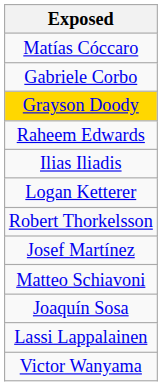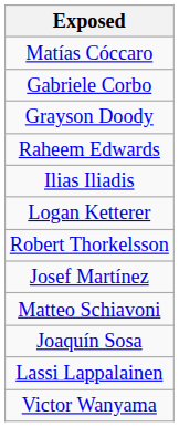 <table class="wikitable" style="text-align:center">
 <tr>
 <th>Exposed</th>
 </tr>
 <tr>
 <td><a href='#'>Matías Cóccaro</a></td>
 </tr>
 <tr>
 <td><a href='#'>Gabriele Corbo</a></td>
 </tr>
 <tr>
-<td style="background: gold;"><a href='#'>Grayson Doody</a></td>
+<td><a href='#'>Grayson Doody</a></td>
 </tr>
 <tr>
 <td><a href='#'>Raheem Edwards</a></td>
 </tr>
 <tr>
 <td><a href='#'>Ilias Iliadis</a></td>
 </tr>
 <tr>
 <td><a href='#'>Logan Ketterer</a></td>
 </tr>
 <tr>
 <td><a href='#'>Robert Thorkelsson</a></td>
 </tr>
 <tr>
 <td><a href='#'>Josef Martínez</a></td>
 </tr>
 <tr>
 <td><a href='#'>Matteo Schiavoni</a></td>
 </tr>
 <tr>
 <td><a href='#'>Joaquín Sosa</a></td>
 </tr>
 <tr>
 <td><a href='#'>Lassi Lappalainen</a></td>
 </tr>
 <tr>
 <td><a href='#'>Victor Wanyama</a></td>
 </tr>
 </table>
